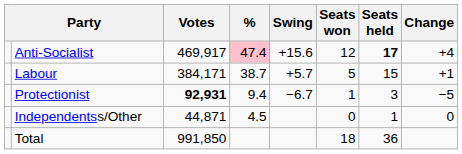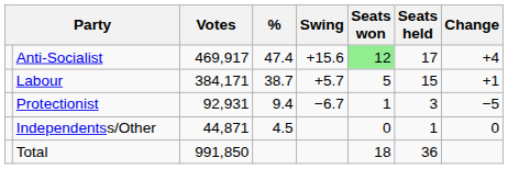 <table class="wikitable">
 <tr>
 <th colspan=2 style="width:180px">Party</th>
 <th style="width:70px">Votes</th>
 <th style="width:40px">%</th>
 <th style="width:40px">Swing</th>
 <th style="width:40px">Seats won</th>
 <th style="width:40px">Seats held</th>
 <th style="width:40px">Change</th>
 </tr>
 <tr>
 <td></td>
 <td><a href='#'>Anti-Socialist</a></td>
 <td style="text-align:right">469,917</td>
-<td style="background: pink; text-align:right">47.4</td>
+<td style="text-align:right">47.4</td>
 <td style="text-align:right">+15.6</td>
-<td style="text-align:right">12</td>
-<td style="text-align:right"><strong>17</strong></td>
+<td style="background: lightgreen; text-align:right">12</td>
+<td style="text-align:right">17</td>
 <td style="text-align:right">+4</td>
 </tr>
 <tr>
 <td></td>
 <td><a href='#'>Labour</a></td>
 <td style="text-align:right">384,171</td>
 <td style="text-align:right">38.7</td>
 <td style="text-align:right">+5.7</td>
 <td style="text-align:right">5</td>
 <td style="text-align:right">15</td>
 <td style="text-align:right">+1</td>
 </tr>
 <tr>
 <td></td>
 <td><a href='#'>Protectionist</a></td>
-<td style="text-align:right"><strong>92,931</strong></td>
+<td style="text-align:right">92,931</td>
 <td style="text-align:right">9.4</td>
 <td style="text-align:right">−6.7</td>
 <td style="text-align:right">1</td>
 <td style="text-align:right">3</td>
 <td style="text-align:right">−5</td>
 </tr>
 <tr>
 <td></td>
 <td><a href='#'>Independents</a>s/Other</td>
 <td style="text-align:right">44,871</td>
 <td style="text-align:right">4.5</td>
 <td style="text-align:right"></td>
 <td style="text-align:right">0</td>
 <td style="text-align:right">1</td>
 <td style="text-align:right">0</td>
 </tr>
 <tr>
 <td></td>
 <td>Total</td>
 <td style="text-align:right">991,850</td>
 <td style="text-align:right"></td>
 <td style="text-align:right"></td>
 <td style="text-align:right">18</td>
 <td style="text-align:right">36</td>
 <td style="text-align:right"></td>
 </tr>
 </table>
